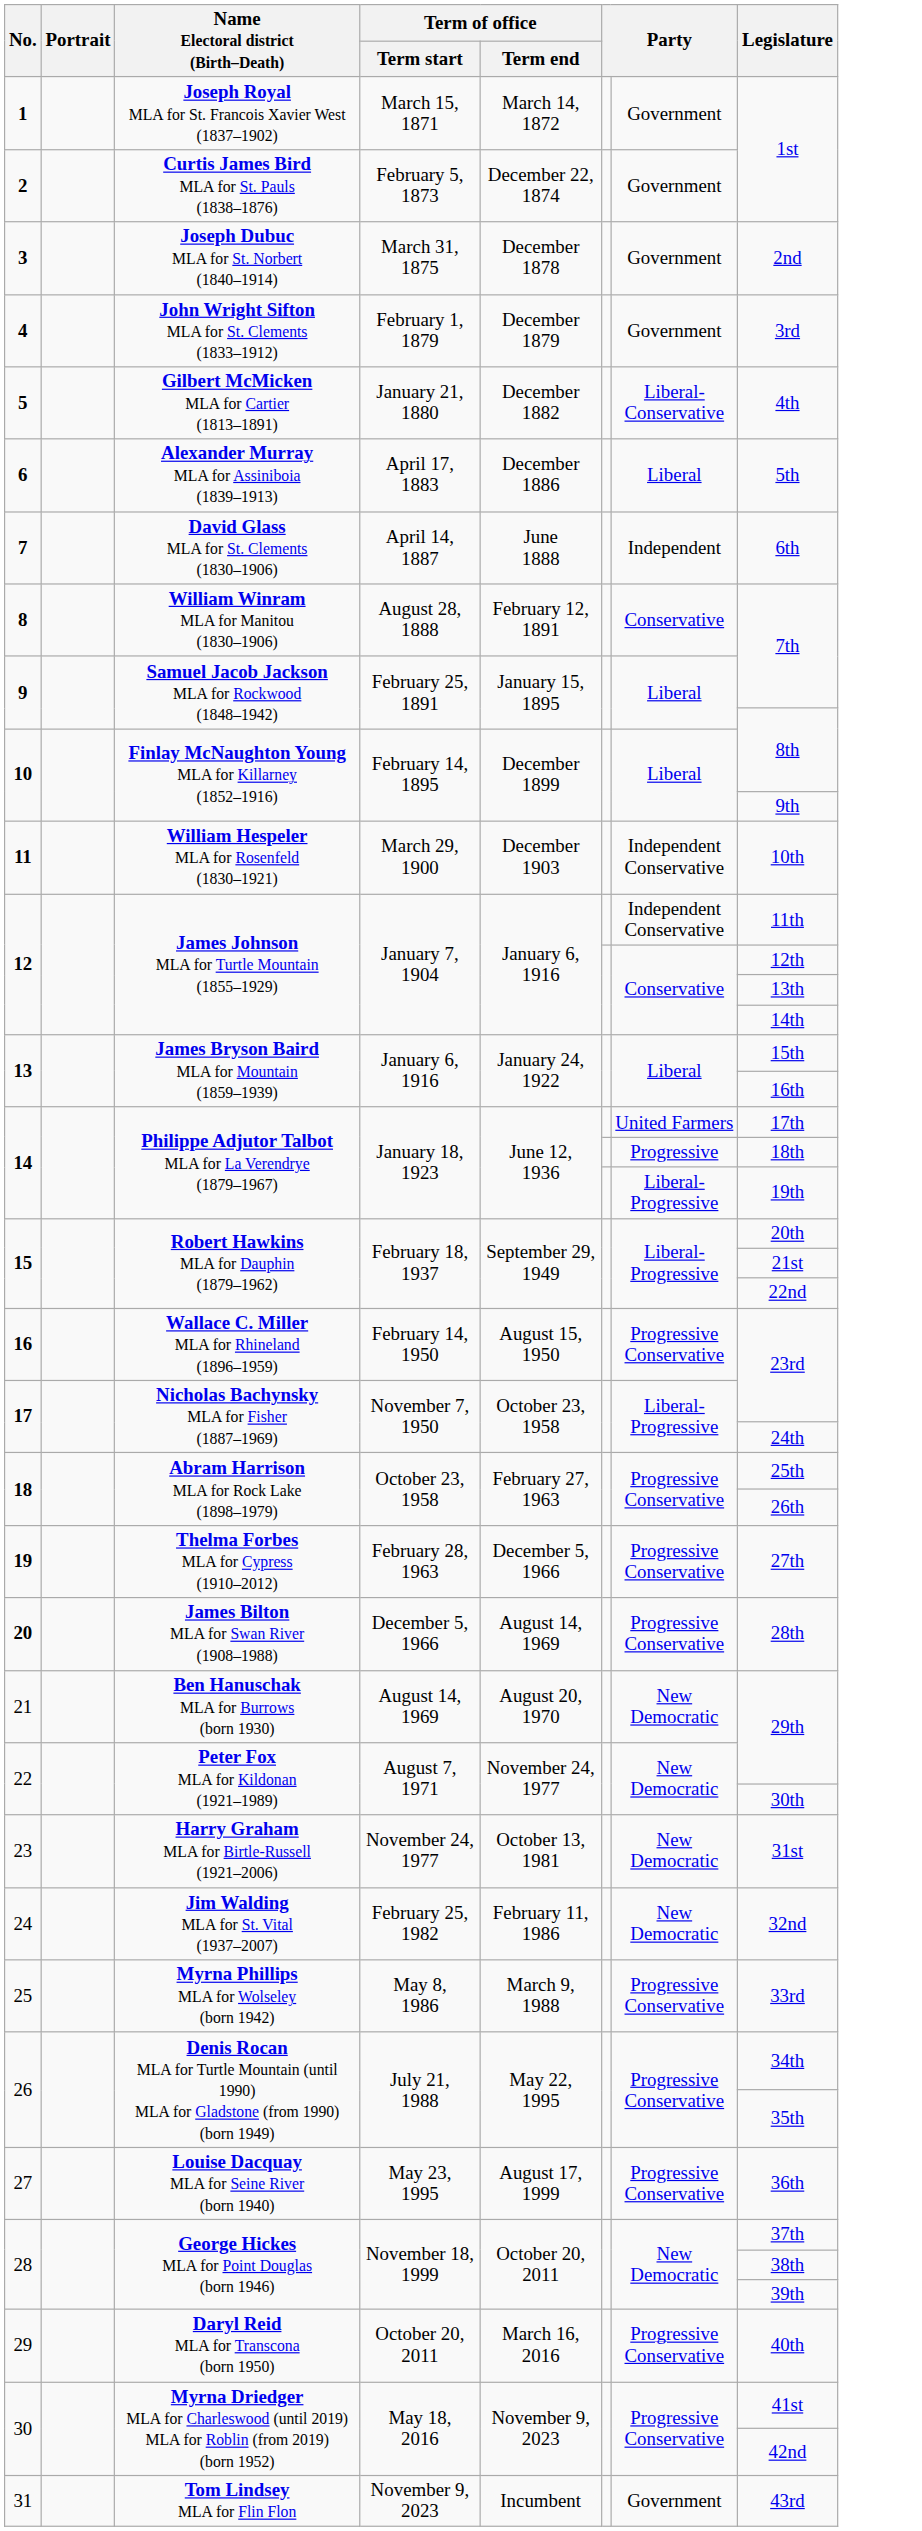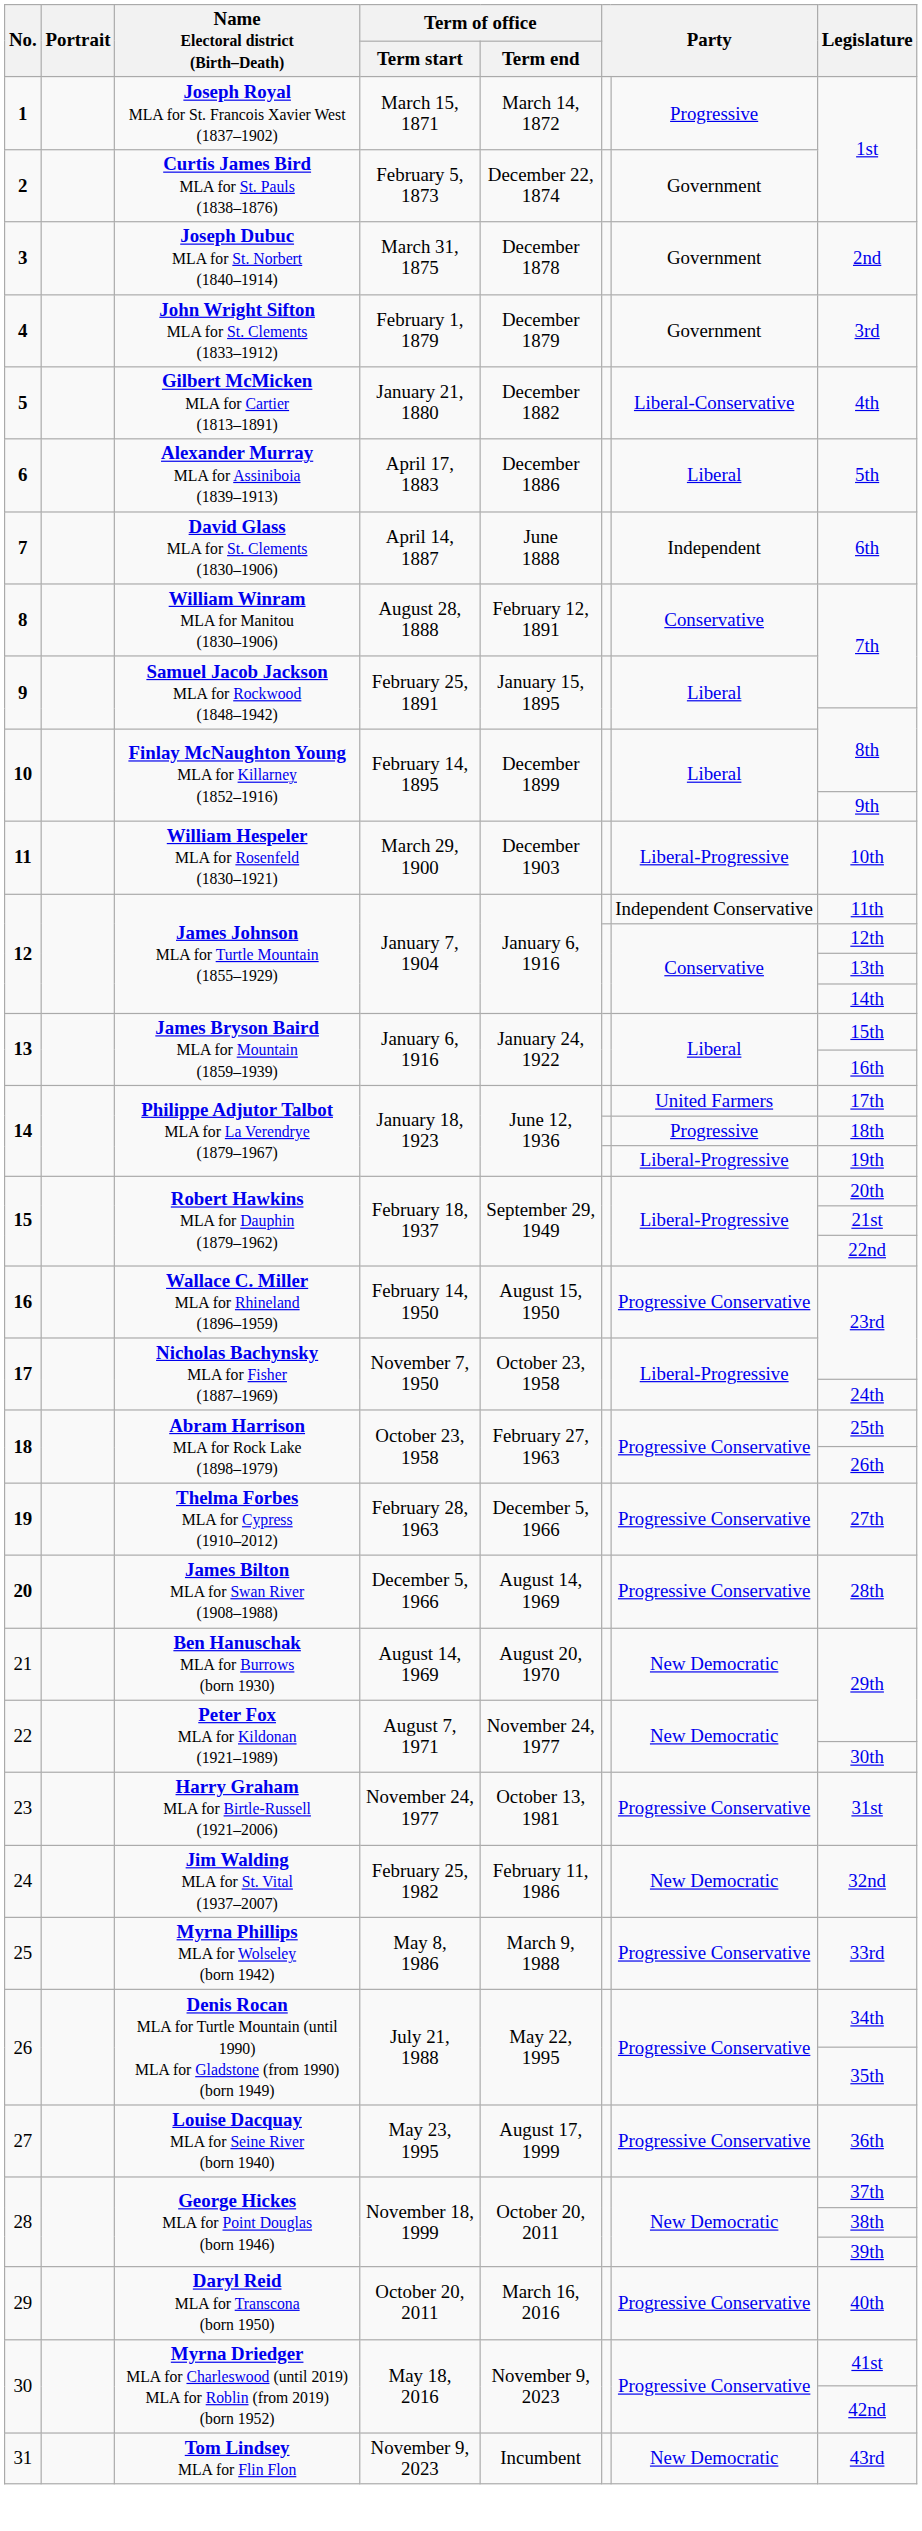 <table class="wikitable" style="text-align:center">
 <tr>
 <th rowspan="2">No.</th>
 <th rowspan="2" scope="col">Portrait</th>
 <th rowspan="2" scope="col" width="200px">Name<br><small>Electoral district<br>(Birth–Death)</small></th>
 <th colspan="2" scope="col" width="100px">Term of office</th>
 <th colspan="2" rowspan="2">Party</th>
 <th rowspan="2">Legislature</th>
 </tr>
 <tr>
 <th width="95px">Term start</th>
 <th width="95px">Term end</th>
 </tr>
 <tr>
 <td><strong>1</strong></td>
 <td></td>
 <td><strong><a href='#'>Joseph Royal</a></strong><br><small>MLA for St. Francois Xavier West</small><br><small>(1837–1902)</small></td>
 <td>March 15,<br>1871</td>
 <td>March 14,<br>1872</td>
 <td style="width:1px; background:"></td>
-<td width="100px">Government</td>
+<td><a href='#'>Progressive</a></td>
 <td rowspan="2"><a href='#'>1st</a></td>
 </tr>
 <tr>
 <td><strong>2</strong></td>
 <td></td>
 <td><strong><a href='#'>Curtis James Bird</a></strong><br><small>MLA for <a href='#'>St. Pauls</a></small><br><small>(1838–1876)</small></td>
 <td>February 5,<br>1873</td>
 <td>December 22,<br>1874</td>
 <td style="width:1px; background:"></td>
 <td>Government</td>
 </tr>
 <tr>
 <td><strong>3</strong></td>
 <td></td>
 <td><strong><a href='#'>Joseph Dubuc</a></strong><br><small>MLA for <a href='#'>St. Norbert</a></small><br><small>(1840–1914)</small></td>
 <td>March 31,<br>1875</td>
 <td>December<br>1878</td>
 <td style="width:1px; background:"></td>
 <td>Government</td>
 <td><a href='#'>2nd</a></td>
 </tr>
 <tr>
 <td><strong>4</strong></td>
 <td></td>
 <td><strong><a href='#'>John Wright Sifton</a></strong><br><small>MLA for <a href='#'>St. Clements</a></small><br><small>(1833–1912)</small></td>
 <td>February 1,<br>1879</td>
 <td>December<br>1879</td>
 <td style="width:1px; background:"></td>
 <td>Government</td>
 <td><a href='#'>3rd</a></td>
 </tr>
 <tr>
 <td><strong>5</strong></td>
 <td></td>
 <td><strong><a href='#'>Gilbert McMicken</a></strong><br><small>MLA for <a href='#'>Cartier</a></small><br><small>(1813–1891)</small></td>
 <td>January 21,<br>1880</td>
 <td>December<br>1882</td>
 <td style="width:1px; background:"></td>
 <td><a href='#'>Liberal-Conservative</a></td>
 <td><a href='#'>4th</a></td>
 </tr>
 <tr>
 <td><strong>6</strong></td>
 <td></td>
 <td><a href='#'><strong>Alexander Murray</strong></a><br><small>MLA for <a href='#'>Assiniboia</a></small><br><small>(1839–1913)</small></td>
 <td>April 17,<br>1883</td>
 <td>December<br>1886</td>
 <td style="width:1px; background:"></td>
 <td><a href='#'>Liberal</a></td>
 <td><a href='#'>5th</a></td>
 </tr>
 <tr>
 <td><strong>7</strong></td>
 <td></td>
 <td><a href='#'><strong>David Glass</strong></a><br><small>MLA for <a href='#'>St. Clements</a></small><br><small>(1830–1906)</small></td>
 <td>April 14,<br>1887</td>
 <td>June<br>1888</td>
 <td style="width:1px; background:"></td>
 <td>Independent</td>
 <td><a href='#'>6th</a></td>
 </tr>
 <tr>
 <td><strong>8</strong></td>
 <td></td>
 <td><strong><a href='#'>William Winram</a></strong><br><small>MLA for Manitou</small><br><small>(1830–1906)</small></td>
 <td>August 28,<br>1888</td>
 <td>February 12,<br>1891</td>
 <td style="width:1px; background:"></td>
 <td><a href='#'>Conservative</a></td>
 <td rowspan="2"><a href='#'>7th</a></td>
 </tr>
 <tr style="height:44px">
 <td rowspan="2"><strong>9</strong></td>
 <td rowspan="2"></td>
 <td rowspan="2"><strong><a href='#'>Samuel Jacob Jackson</a></strong><br><small>MLA for <a href='#'>Rockwood</a></small><br><small>(1848–1942)</small></td>
 <td rowspan="2">February 25,<br>1891</td>
 <td rowspan="2">January 15,<br>1895</td>
 <td rowspan="2" style="width:1px; background:"></td>
 <td rowspan="2"><a href='#'>Liberal</a></td>
 </tr>
 <tr>
 <td rowspan="2"><a href='#'>8th</a></td>
 </tr>
 <tr style="height:53px">
 <td rowspan="2"><strong>10</strong></td>
 <td rowspan="2"></td>
 <td rowspan="2"><strong><a href='#'>Finlay McNaughton Young</a></strong><br><small>MLA for <a href='#'>Killarney</a></small><br><small>(1852–1916)</small></td>
 <td rowspan="2">February 14,<br>1895</td>
 <td rowspan="2">December<br>1899</td>
 <td rowspan="2" style="width:1px; background:"></td>
 <td rowspan="2"><a href='#'>Liberal</a></td>
 </tr>
 <tr>
 <td><a href='#'>9th</a></td>
 </tr>
 <tr>
 <td><strong>11</strong></td>
 <td></td>
 <td><strong><a href='#'>William Hespeler</a></strong><br><small>MLA for <a href='#'>Rosenfeld</a></small><br><small>(1830–1921)</small></td>
 <td>March 29,<br>1900</td>
 <td>December<br>1903</td>
 <td style="width:1px; background:"></td>
-<td>Independent Conservative</td>
+<td><a href='#'>Liberal-Progressive</a></td>
 <td><a href='#'>10th</a></td>
 </tr>
 <tr>
 <td rowspan="4"><strong>12</strong></td>
 <td rowspan="4"></td>
 <td rowspan="4"><a href='#'><strong>James Johnson</strong></a><br><small>MLA for <a href='#'>Turtle Mountain</a></small><br><small>(1855–1929)</small></td>
 <td rowspan="4">January 7,<br>1904</td>
 <td rowspan="4">January 6,<br>1916</td>
 <td style="width:1px; background:"></td>
 <td>Independent Conservative</td>
 <td><a href='#'>11th</a></td>
 </tr>
 <tr>
 <td rowspan="3" style="width:1px; background:"></td>
 <td rowspan="3"><a href='#'>Conservative</a></td>
 <td><a href='#'>12th</a></td>
 </tr>
 <tr>
 <td><a href='#'>13th</a></td>
 </tr>
 <tr>
 <td><a href='#'>14th</a></td>
 </tr>
 <tr>
 <td rowspan="2"><strong>13</strong></td>
 <td rowspan="2"></td>
 <td rowspan="2"><strong><a href='#'>James Bryson Baird</a></strong><br><small>MLA for <a href='#'>Mountain</a></small><br><small>(1859–1939)</small></td>
 <td rowspan="2">January 6,<br>1916</td>
 <td rowspan="2">January 24,<br>1922</td>
 <td rowspan="2" style="width:1px; background:"></td>
 <td rowspan="2"><a href='#'>Liberal</a></td>
 <td><a href='#'>15th</a></td>
 </tr>
 <tr>
 <td><a href='#'>16th</a></td>
 </tr>
 <tr>
 <td rowspan="3"><strong>14</strong></td>
 <td rowspan="3"></td>
 <td rowspan="3"><strong><a href='#'>Philippe Adjutor Talbot</a></strong><br><small>MLA for <a href='#'>La Verendrye</a></small><br><small>(1879–1967)</small></td>
 <td rowspan="3">January 18,<br>1923</td>
 <td rowspan="3">June 12,<br>1936</td>
 <td style="width:1px; background:"></td>
 <td><a href='#'>United Farmers</a></td>
 <td><a href='#'>17th</a></td>
 </tr>
 <tr>
 <td style="width:1px; background:"></td>
 <td><a href='#'>Progressive</a></td>
 <td><a href='#'>18th</a></td>
 </tr>
 <tr>
 <td style="width:1px; background:"></td>
 <td><a href='#'>Liberal-Progressive</a></td>
 <td><a href='#'>19th</a></td>
 </tr>
 <tr>
 <td rowspan="3"><strong>15</strong></td>
 <td rowspan="3"></td>
 <td rowspan="3"><a href='#'><strong>Robert Hawkins</strong></a><br><small>MLA for <a href='#'>Dauphin</a></small><br><small>(1879–1962)</small></td>
 <td rowspan="3">February 18,<br>1937</td>
 <td rowspan="3">September 29,<br>1949</td>
 <td rowspan="3" style="width:1px; background:"></td>
 <td rowspan="3"><a href='#'>Liberal-Progressive</a></td>
 <td><a href='#'>20th</a></td>
 </tr>
 <tr>
 <td><a href='#'>21st</a></td>
 </tr>
 <tr>
 <td><a href='#'>22nd</a></td>
 </tr>
 <tr>
 <td><strong>16</strong></td>
 <td></td>
 <td><strong><a href='#'>Wallace C. Miller</a></strong><br><small>MLA for <a href='#'>Rhineland</a></small><br><small>(1896–1959)</small></td>
 <td>February 14,<br>1950</td>
 <td>August 15,<br>1950</td>
 <td style="width:1px; background:"></td>
 <td><a href='#'>Progressive Conservative</a></td>
 <td rowspan="2"><a href='#'>23rd</a></td>
 </tr>
 <tr style="height:35px">
 <td rowspan="2"><strong>17</strong></td>
 <td rowspan="2"></td>
 <td rowspan="2"><a href='#'><strong>Nicholas Bachynsky</strong></a><br><small>MLA for <a href='#'>Fisher</a></small><br><small>(1887–1969)</small></td>
 <td rowspan="2">November 7,<br>1950</td>
 <td rowspan="2">October 23,<br>1958</td>
 <td rowspan="2" style="width:1px; background:"></td>
 <td rowspan="2"><a href='#'>Liberal-Progressive</a></td>
 </tr>
 <tr>
 <td><a href='#'>24th</a></td>
 </tr>
 <tr>
 <td rowspan="2"><strong>18</strong></td>
 <td rowspan="2"></td>
 <td rowspan="2"><strong><a href='#'>Abram Harrison</a></strong><br><small>MLA for Rock Lake</small><br><small>(1898–1979)</small></td>
 <td rowspan="2">October 23,<br>1958</td>
 <td rowspan="2">February 27,<br>1963</td>
 <td rowspan="2" style="width:1px; background:"></td>
 <td rowspan="2"><a href='#'>Progressive Conservative</a></td>
 <td><a href='#'>25th</a></td>
 </tr>
 <tr>
 <td><a href='#'>26th</a></td>
 </tr>
 <tr>
 <td><strong>19</strong></td>
 <td></td>
 <td><strong><a href='#'>Thelma Forbes</a></strong><br><small>MLA for <a href='#'>Cypress</a></small><br><small>(1910–2012)</small></td>
 <td>February 28,<br>1963</td>
 <td>December 5,<br>1966</td>
 <td style="width:1px; background:"></td>
 <td><a href='#'>Progressive Conservative</a></td>
 <td><a href='#'>27th</a></td>
 </tr>
 <tr>
 <td><strong>20</strong></td>
 <td></td>
 <td><strong><a href='#'>James Bilton</a></strong><br><small>MLA for <a href='#'>Swan River</a></small><br><small>(1908–1988)</small></td>
 <td>December 5,<br>1966</td>
 <td>August 14,<br>1969</td>
 <td style="width:1px; background:"></td>
 <td><a href='#'>Progressive Conservative</a></td>
 <td><a href='#'>28th</a></td>
 </tr>
 <tr>
 <td>21</td>
 <td></td>
 <td><strong><a href='#'>Ben Hanuschak</a></strong><br><small>MLA for <a href='#'>Burrows</a></small><br><small>(born 1930)</small></td>
 <td>August 14,<br>1969</td>
 <td>August 20,<br>1970</td>
 <td style="width:1px; background:"></td>
 <td><a href='#'>New Democratic</a></td>
 <td rowspan="2"><a href='#'>29th</a></td>
 </tr>
 <tr style="height:35px">
 <td rowspan="2">22</td>
 <td rowspan="2"></td>
 <td rowspan="2"><a href='#'><strong>Peter Fox</strong></a><br><small>MLA for <a href='#'>Kildonan</a></small><br><small>(1921–1989)</small></td>
 <td rowspan="2">August 7,<br>1971</td>
 <td rowspan="2">November 24,<br>1977</td>
 <td rowspan="2" style="width:1px; background:"></td>
 <td rowspan="2"><a href='#'>New Democratic</a></td>
 </tr>
 <tr>
 <td><a href='#'>30th</a></td>
 </tr>
 <tr>
 <td>23</td>
 <td></td>
 <td><a href='#'><strong>Harry Graham</strong></a><br><small>MLA for <a href='#'>Birtle-Russell</a></small><br><small>(1921–2006)</small></td>
 <td>November 24,<br>1977</td>
 <td>October 13,<br>1981</td>
 <td style="width:1px; background:"></td>
-<td><a href='#'>New Democratic</a></td>
+<td><a href='#'>Progressive Conservative</a></td>
 <td><a href='#'>31st</a></td>
 </tr>
 <tr>
 <td>24</td>
 <td></td>
 <td><strong><a href='#'>Jim Walding</a></strong><br><small>MLA for <a href='#'>St. Vital</a></small><br><small>(1937–2007)</small></td>
 <td>February 25,<br>1982</td>
 <td>February 11,<br>1986</td>
 <td style="width:1px; background:"></td>
 <td><a href='#'>New Democratic</a></td>
 <td><a href='#'>32nd</a></td>
 </tr>
 <tr>
 <td>25</td>
 <td></td>
 <td><strong><a href='#'>Myrna Phillips</a></strong><br><small>MLA for <a href='#'>Wolseley</a></small><br><small>(born 1942)</small></td>
 <td>May 8,<br>1986</td>
 <td>March 9,<br>1988</td>
 <td style="width:1px; background:"></td>
 <td><a href='#'>Progressive Conservative</a></td>
 <td><a href='#'>33rd</a></td>
 </tr>
 <tr>
 <td rowspan="2">26</td>
 <td rowspan="2"></td>
 <td rowspan="2"><strong><a href='#'>Denis Rocan</a></strong><br><small>MLA for Turtle Mountain (until 1990)<br>MLA for <a href='#'>Gladstone</a> (from 1990)</small><br><small>(born 1949)</small></td>
 <td rowspan="2">July 21,<br>1988</td>
 <td rowspan="2">May 22,<br>1995</td>
 <td rowspan="2" style="width:1px; background:"></td>
 <td rowspan="2"><a href='#'>Progressive Conservative</a></td>
 <td><a href='#'>34th</a></td>
 </tr>
 <tr>
 <td><a href='#'>35th</a></td>
 </tr>
 <tr>
 <td>27</td>
 <td></td>
 <td><strong><a href='#'>Louise Dacquay</a></strong><br><small>MLA for <a href='#'>Seine River</a></small><br><small>(born 1940)</small></td>
 <td>May 23,<br>1995</td>
 <td>August 17,<br>1999</td>
 <td style="width:1px; background:"></td>
 <td><a href='#'>Progressive Conservative</a></td>
 <td><a href='#'>36th</a></td>
 </tr>
 <tr>
 <td rowspan="3">28</td>
 <td rowspan="3"></td>
 <td rowspan="3"><a href='#'><strong>George Hickes</strong></a><br><small>MLA for <a href='#'>Point Douglas</a></small><br><small>(born 1946)</small></td>
 <td rowspan="3">November 18,<br>1999</td>
 <td rowspan="3">October 20,<br>2011</td>
 <td rowspan="3" style="width:1px; background:"></td>
 <td rowspan="3"><a href='#'>New Democratic</a></td>
 <td><a href='#'>37th</a></td>
 </tr>
 <tr>
 <td><a href='#'>38th</a></td>
 </tr>
 <tr>
 <td><a href='#'>39th</a></td>
 </tr>
 <tr>
 <td>29</td>
 <td></td>
 <td><strong><a href='#'>Daryl Reid</a></strong><br><small>MLA for <a href='#'>Transcona</a></small><br><small>(born 1950)</small></td>
 <td>October 20,<br>2011</td>
 <td>March 16,<br>2016</td>
 <td style="width:1px; background:"></td>
 <td><a href='#'>Progressive Conservative</a></td>
 <td><a href='#'>40th</a></td>
 </tr>
 <tr>
 <td rowspan="2">30</td>
 <td rowspan="2"></td>
 <td rowspan="2"><strong><a href='#'>Myrna Driedger</a></strong><br><small>MLA for <a href='#'>Charleswood</a> (until 2019)<br>MLA for <a href='#'>Roblin</a> (from 2019)</small><br><small>(born 1952)</small></td>
 <td rowspan="2">May 18,<br>2016</td>
 <td rowspan="2">November 9,<br>2023</td>
 <td rowspan="2" style="width:1px; background:"></td>
 <td rowspan="2"><a href='#'>Progressive Conservative</a></td>
 <td><a href='#'>41st</a></td>
 </tr>
 <tr>
 <td><a href='#'>42nd</a></td>
 </tr>
 <tr>
 <td>31</td>
 <td></td>
 <td><strong><a href='#'>Tom Lindsey</a></strong><br><small>MLA for <a href='#'>Flin Flon</a></small></td>
 <td>November 9,<br>2023</td>
 <td>Incumbent</td>
 <td style="width:1px; background:"></td>
-<td>Government</td>
+<td><a href='#'>New Democratic</a></td>
 <td><a href='#'>43rd</a></td>
 </tr>
 </table>
